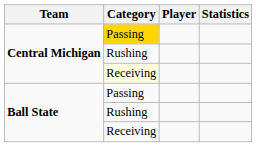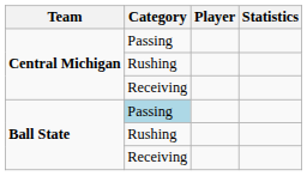 <table class="wikitable" style="float: left;">
 <tr>
 <th>Team</th>
 <th>Category</th>
 <th>Player</th>
 <th>Statistics</th>
 </tr>
 <tr>
 <td rowspan=3><strong>Central Michigan</strong></td>
-<td style="background: gold;">Passing</td>
-<td></td>
-<td></td>
-</tr>
-<tr>
-<td>Rushing</td>
-<td></td>
-<td></td>
-</tr>
-<tr>
-<td style="background: lightyellow;">Receiving</td>
-<td></td>
-<td></td>
-</tr>
-<tr>
-<td rowspan=3><strong>Ball State</strong></td>
 <td>Passing</td>
 <td></td>
 <td></td>
 </tr>
 <tr>
 <td>Rushing</td>
 <td></td>
 <td></td>
 </tr>
 <tr>
 <td>Receiving</td>
 <td></td>
 <td></td>
 </tr>
+<tr>
+<td rowspan=3><strong>Ball State</strong></td>
+<td style="background: lightblue;">Passing</td>
+<td></td>
+<td></td>
+</tr>
+<tr>
+<td>Rushing</td>
+<td></td>
+<td></td>
+</tr>
+<tr>
+<td>Receiving</td>
+<td></td>
+<td></td>
+</tr>
 </table>
